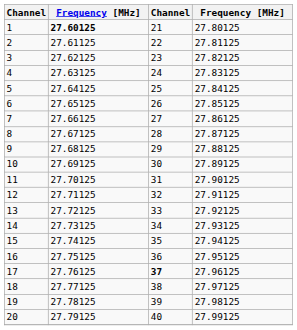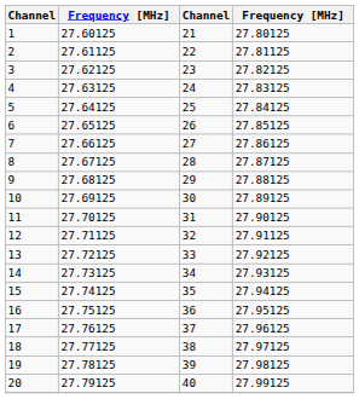 <table class="wikitable" border="1" text-align="center" align="center">
 <tr>
 <th>Channel</th>
 <th> <a href='#'>Frequency</a> [MHz] </th>
 <th>Channel</th>
 <th> Frequency [MHz] </th>
 </tr>
 <tr>
 <td>1</td>
-<td><strong>27.60125</strong></td>
+<td>27.60125</td>
 <td>21</td>
 <td>27.80125</td>
 </tr>
 <tr>
 <td>2</td>
 <td>27.61125</td>
 <td>22</td>
 <td>27.81125</td>
 </tr>
 <tr>
 <td>3</td>
 <td>27.62125</td>
 <td>23</td>
 <td>27.82125</td>
 </tr>
 <tr>
 <td>4</td>
 <td>27.63125</td>
 <td>24</td>
 <td>27.83125</td>
 </tr>
 <tr>
 <td>5</td>
 <td>27.64125</td>
 <td>25</td>
 <td>27.84125</td>
 </tr>
 <tr>
 <td>6</td>
 <td>27.65125</td>
 <td>26</td>
 <td>27.85125</td>
 </tr>
 <tr>
 <td>7</td>
 <td>27.66125</td>
 <td>27</td>
 <td>27.86125</td>
 </tr>
 <tr>
 <td>8</td>
 <td>27.67125</td>
 <td>28</td>
 <td>27.87125</td>
 </tr>
 <tr>
 <td>9</td>
 <td>27.68125</td>
 <td>29</td>
 <td>27.88125</td>
 </tr>
 <tr>
 <td>10</td>
 <td>27.69125</td>
 <td>30</td>
 <td>27.89125</td>
 </tr>
 <tr>
 <td>11</td>
 <td>27.70125</td>
 <td>31</td>
 <td>27.90125</td>
 </tr>
 <tr>
 <td>12</td>
 <td>27.71125</td>
 <td>32</td>
 <td>27.91125</td>
 </tr>
 <tr>
 <td>13</td>
 <td>27.72125</td>
 <td>33</td>
 <td>27.92125</td>
 </tr>
 <tr>
 <td>14</td>
 <td>27.73125</td>
 <td>34</td>
 <td>27.93125</td>
 </tr>
 <tr>
 <td>15</td>
 <td>27.74125</td>
 <td>35</td>
 <td>27.94125</td>
 </tr>
 <tr>
 <td>16</td>
 <td>27.75125</td>
 <td>36</td>
 <td>27.95125</td>
 </tr>
 <tr>
 <td>17</td>
 <td>27.76125</td>
-<td><strong>37</strong></td>
+<td>37</td>
 <td>27.96125</td>
 </tr>
 <tr>
 <td>18</td>
 <td>27.77125</td>
 <td>38</td>
 <td>27.97125</td>
 </tr>
 <tr>
 <td>19</td>
 <td>27.78125</td>
 <td>39</td>
 <td>27.98125</td>
 </tr>
 <tr>
 <td>20</td>
 <td>27.79125</td>
 <td>40</td>
 <td>27.99125</td>
 </tr>
 <tr>
 </tr>
 </table>
